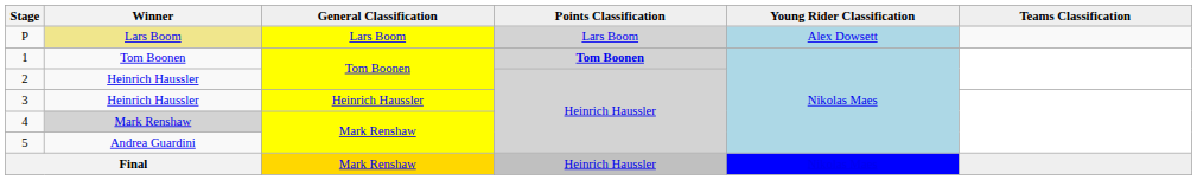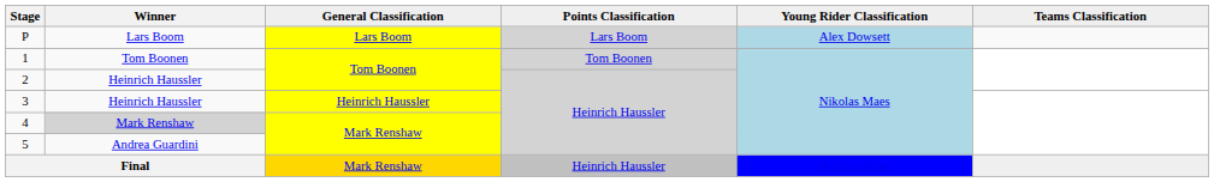 <table class="wikitable" style="text-align: center; font-size:smaller;">
 <tr style="background-color: #efefef;">
 <th width="1%">Stage</th>
 <th width="14%">Winner</th>
 <th style="background:#EFEFEF;" width="15%">General Classification<br></th>
 <th style="background:#EFEFEF;" width="15%">Points Classification<br></th>
 <th style="background:#EFEFEF"  width="15%">Young Rider Classification<br></th>
 <th style="background:#EFEFEF;" width="15%">Teams Classification</th>
 </tr>
 <tr>
 <td>P</td>
-<td style="background: khaki;"><a href='#'>Lars Boom</a></td>
+<td><a href='#'>Lars Boom</a></td>
 <td style="background:yellow;" rowspan="1"><a href='#'>Lars Boom</a></td>
 <td style="background:lightgrey;" rowspan="1"><a href='#'>Lars Boom</a></td>
 <td style="background:lightblue;"><a href='#'>Alex Dowsett</a></td>
 <td></td>
 </tr>
 <tr>
 <td>1</td>
 <td><a href='#'>Tom Boonen</a></td>
 <td style="background:yellow;" rowspan="2"><a href='#'>Tom Boonen</a></td>
-<td style="background:lightgrey;" rowspan="1"><strong><a href='#'>Tom Boonen</a></strong></td>
+<td style="background:lightgrey;" rowspan="1"><a href='#'>Tom Boonen</a></td>
 <td style="background:lightblue;" rowspan="5"><a href='#'>Nikolas Maes</a></td>
 <td style="background:white;" rowspan="2"></td>
 </tr>
 <tr>
 <td>2</td>
 <td><a href='#'>Heinrich Haussler</a></td>
 <td style="background:lightgrey;" rowspan="4"><a href='#'>Heinrich Haussler</a></td>
 </tr>
 <tr>
 <td>3</td>
 <td><a href='#'>Heinrich Haussler</a></td>
 <td style="background:yellow;" rowspan="1"><a href='#'>Heinrich Haussler</a></td>
 <td style="background:white;" rowspan="3"></td>
 </tr>
 <tr>
 <td>4</td>
 <td style="background: lightgrey;"><a href='#'>Mark Renshaw</a></td>
 <td style="background:yellow;" rowspan="2"><a href='#'>Mark Renshaw</a></td>
 </tr>
 <tr>
 <td>5</td>
 <td><a href='#'>Andrea Guardini</a></td>
 </tr>
 <tr>
 <th colspan=2><strong>Final</strong></th>
 <td style="background:gold;" rowspan="1"><a href='#'>Mark Renshaw</a></td>
 <td style="background:silver;" rowspan="1"><a href='#'>Heinrich Haussler</a></td>
 <td style="background:blue;" rowspan="1"><a href='#'><span>Nikolas Maes</span></a></td>
 <td style="background:#EFEFEF;" rowspan="1"></td>
 </tr>
 </table>
